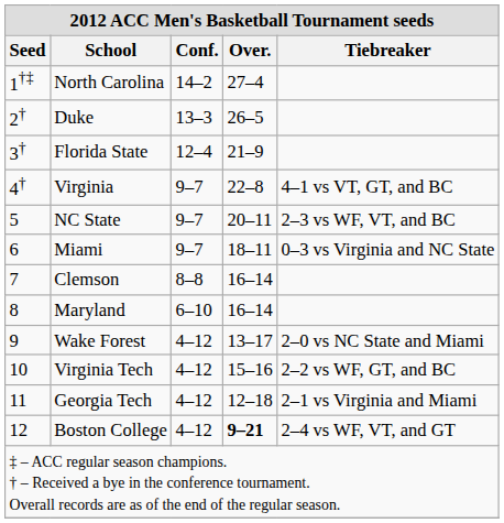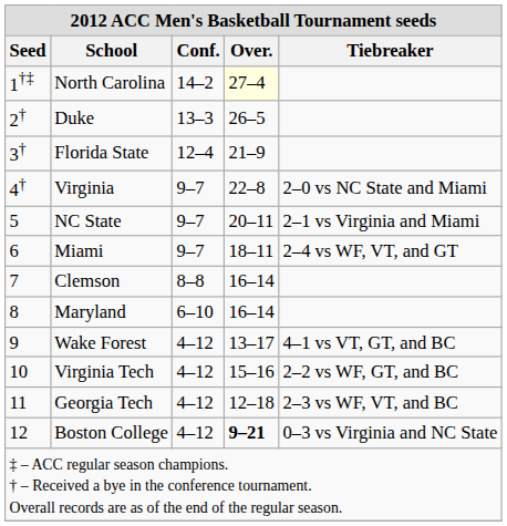 <table class="wikitable" style="white-space:nowrap; font-size:90%;">
 <tr>
 <td colspan="7" style="text-align:center; background:#DDDDDD; font:#000000"><strong>2012 ACC Men's Basketball Tournament seeds</strong></td>
 </tr>
 <tr bgcolor="#efefef">
 <th>Seed</th>
 <th>School</th>
 <th>Conf.</th>
 <th>Over.</th>
 <th>Tiebreaker</th>
 </tr>
 <tr>
 <td>1<sup>†‡</sup></td>
 <td>North Carolina</td>
 <td>14–2</td>
-<td>27–4</td>
+<td style="background: lightyellow;">27–4</td>
 <td></td>
 </tr>
 <tr>
 <td>2<sup>†</sup></td>
 <td>Duke</td>
 <td>13–3</td>
 <td>26–5</td>
 <td></td>
 </tr>
 <tr>
 <td>3<sup>†</sup></td>
 <td>Florida State</td>
 <td>12–4</td>
 <td>21–9</td>
 <td></td>
 </tr>
 <tr>
 <td>4<sup>†</sup></td>
 <td>Virginia</td>
 <td>9–7</td>
 <td>22–8</td>
-<td>4–1 vs VT, GT, and BC</td>
+<td>2–0 vs NC State and Miami</td>
 </tr>
 <tr>
 <td>5</td>
 <td>NC State</td>
 <td>9–7</td>
 <td>20–11</td>
-<td>2–3 vs WF, VT, and BC</td>
+<td>2–1 vs Virginia and Miami</td>
 </tr>
 <tr>
 <td>6</td>
 <td>Miami</td>
 <td>9–7</td>
 <td>18–11</td>
-<td>0–3 vs Virginia and NC State</td>
+<td>2–4 vs WF, VT, and GT</td>
 </tr>
 <tr>
 <td>7</td>
 <td>Clemson</td>
 <td>8–8</td>
 <td>16–14</td>
 <td></td>
 </tr>
 <tr>
 <td>8</td>
 <td>Maryland</td>
 <td>6–10</td>
 <td>16–14</td>
 <td></td>
 </tr>
 <tr>
 <td>9</td>
 <td>Wake Forest</td>
 <td>4–12</td>
 <td>13–17</td>
-<td>2–0 vs NC State and Miami</td>
+<td>4–1 vs VT, GT, and BC</td>
 </tr>
 <tr>
 <td>10</td>
 <td>Virginia Tech</td>
 <td>4–12</td>
 <td>15–16</td>
 <td>2–2 vs WF, GT, and BC</td>
 </tr>
 <tr>
 <td>11</td>
 <td>Georgia Tech</td>
 <td>4–12</td>
 <td>12–18</td>
-<td>2–1 vs Virginia and Miami</td>
+<td>2–3 vs WF, VT, and BC</td>
 </tr>
 <tr>
 <td>12</td>
 <td>Boston College</td>
 <td>4–12</td>
 <td><strong>9–21</strong></td>
-<td>2–4 vs WF, VT, and GT</td>
+<td>0–3 vs Virginia and NC State</td>
 </tr>
 <tr>
 <td colspan="6" style="text-align:left;"><small>‡ – ACC regular season champions.<br>† – Received a bye in the conference tournament.<br>Overall records are as of the end of the regular season.</small></td>
 </tr>
 <tr>
 </tr>
 </table>
